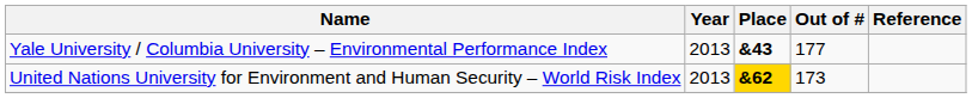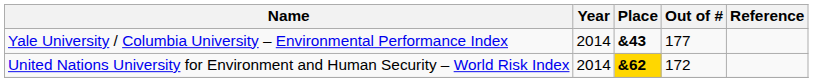 <table class="wikitable sortable" style="text-align:left">
 <tr>
 <th>Name</th>
 <th>Year</th>
 <th>Place</th>
 <th>Out of #</th>
 <th>Reference</th>
 </tr>
 <tr>
 <td><a href='#'>Yale University</a> / <a href='#'>Columbia University</a> – <a href='#'>Environmental Performance Index</a></td>
-<td>2013</td>
+<td>2014</td>
 <td><strong><span>&</span>43</strong></td>
 <td>177</td>
 <td></td>
 </tr>
 <tr>
 <td><a href='#'>United Nations University</a> for Environment and Human Security – <a href='#'>World Risk Index</a></td>
-<td>2013</td>
+<td>2014</td>
 <td style="background: gold;"><strong><span>&</span>62</strong></td>
-<td>173</td>
+<td>172</td>
 <td></td>
 </tr>
 <tr>
 </tr>
 </table>
